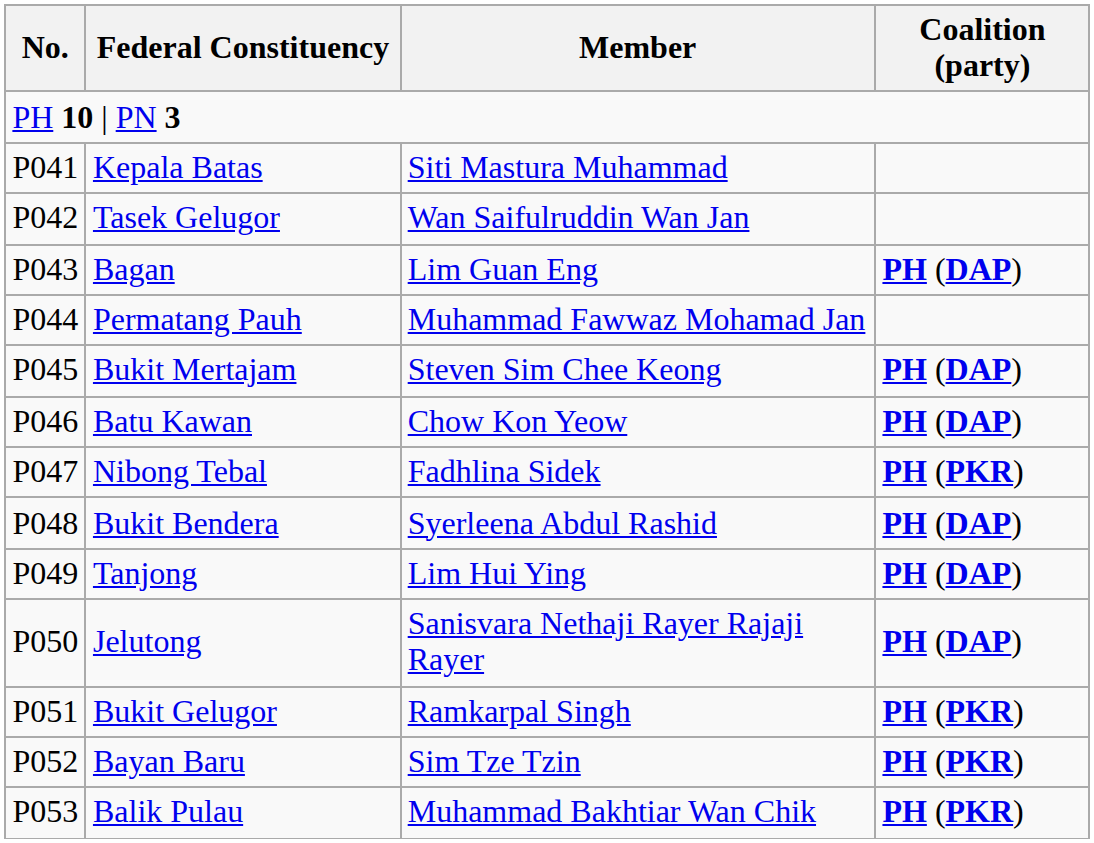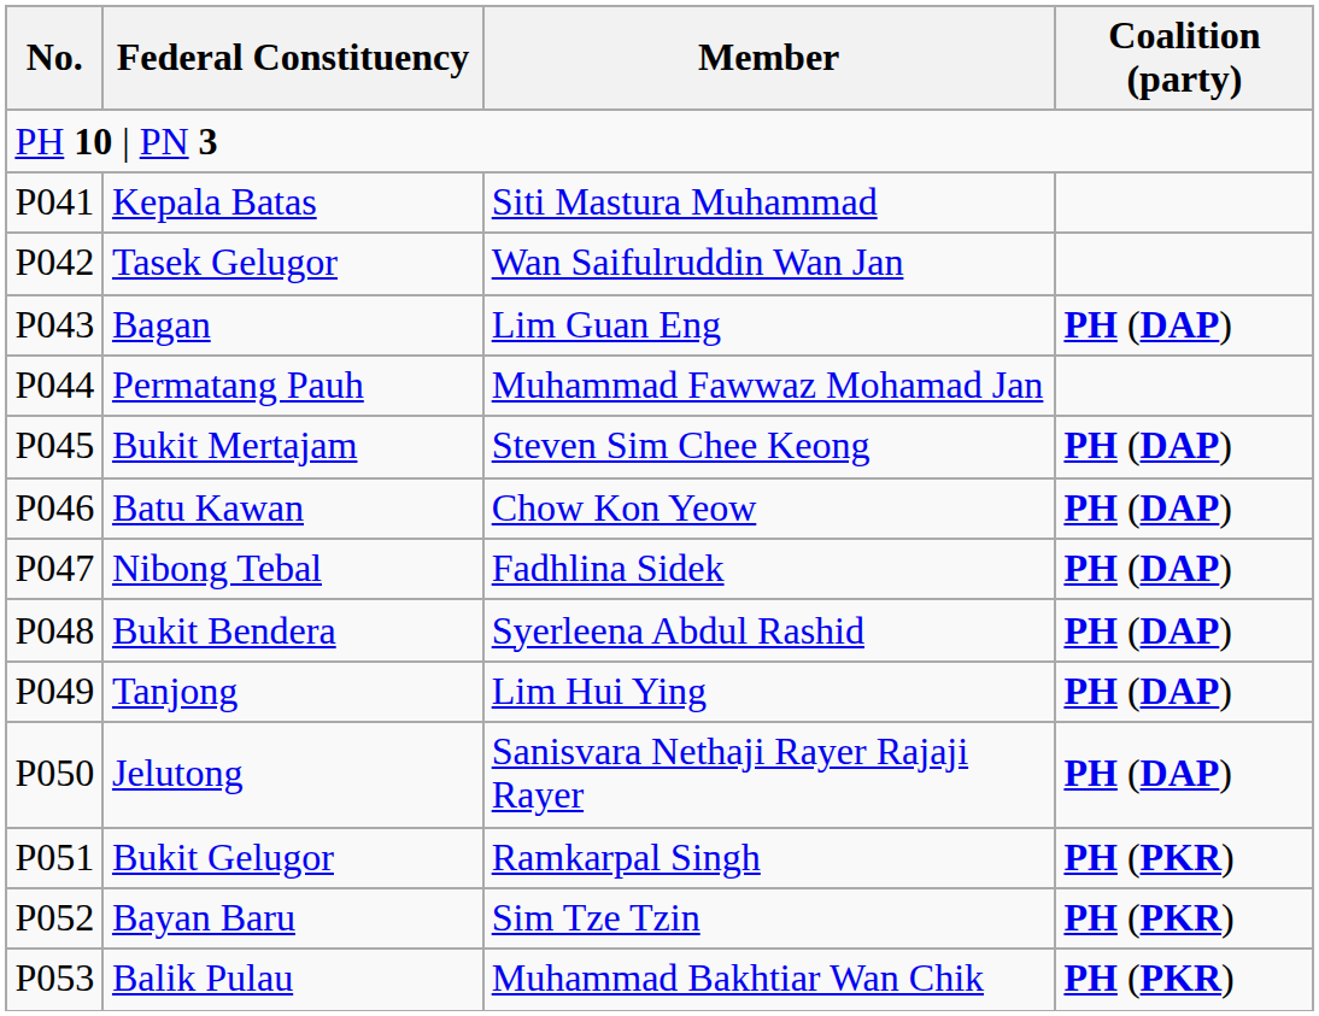 <table class="wikitable sortable">
 <tr>
 <th style="width:30px;">No.</th>
 <th style="width:150px;">Federal Constituency</th>
 <th style="width:230px;">Member</th>
 <th style="width:100px;">Coalition (party)</th>
 </tr>
 <tr>
 <td colspan="4"><a href='#'>PH</a> <strong>10</strong> | <a href='#'>PN</a> <strong>3</strong></td>
 </tr>
 <tr>
 <td>P041</td>
 <td><a href='#'>Kepala Batas</a></td>
 <td><a href='#'>Siti Mastura Muhammad</a></td>
 <td></td>
 </tr>
 <tr>
 <td>P042</td>
 <td><a href='#'>Tasek Gelugor</a></td>
 <td><a href='#'>Wan Saifulruddin Wan Jan</a></td>
 <td></td>
 </tr>
 <tr>
 <td>P043</td>
 <td><a href='#'>Bagan</a></td>
 <td><a href='#'>Lim Guan Eng</a></td>
 <td><strong><a href='#'>PH</a></strong> (<strong><a href='#'>DAP</a></strong>)</td>
 </tr>
 <tr>
 <td>P044</td>
 <td><a href='#'>Permatang Pauh</a></td>
 <td><a href='#'>Muhammad Fawwaz Mohamad Jan</a></td>
 <td></td>
 </tr>
 <tr>
 <td>P045</td>
 <td><a href='#'>Bukit Mertajam</a></td>
 <td><a href='#'>Steven Sim Chee Keong</a></td>
 <td><strong><a href='#'>PH</a></strong> (<strong><a href='#'>DAP</a></strong>)</td>
 </tr>
 <tr>
 <td>P046</td>
 <td><a href='#'>Batu Kawan</a></td>
 <td><a href='#'>Chow Kon Yeow</a></td>
 <td><strong><a href='#'>PH</a></strong> (<strong><a href='#'>DAP</a></strong>)</td>
 </tr>
 <tr>
 <td>P047</td>
 <td><a href='#'>Nibong Tebal</a></td>
 <td><a href='#'>Fadhlina Sidek</a></td>
-<td><strong><a href='#'>PH</a></strong> (<strong><a href='#'>PKR</a></strong>)</td>
+<td><strong><a href='#'>PH</a></strong> (<strong><a href='#'>DAP</a></strong>)</td>
 </tr>
 <tr>
 <td>P048</td>
 <td><a href='#'>Bukit Bendera</a></td>
 <td><a href='#'>Syerleena Abdul Rashid</a></td>
 <td><strong><a href='#'>PH</a></strong> (<strong><a href='#'>DAP</a></strong>)</td>
 </tr>
 <tr>
 <td>P049</td>
 <td><a href='#'>Tanjong</a></td>
 <td><a href='#'>Lim Hui Ying</a></td>
 <td><strong><a href='#'>PH</a></strong> (<strong><a href='#'>DAP</a></strong>)</td>
 </tr>
 <tr>
 <td>P050</td>
 <td><a href='#'>Jelutong</a></td>
 <td><a href='#'>Sanisvara Nethaji Rayer Rajaji Rayer</a></td>
 <td><strong><a href='#'>PH</a></strong> (<strong><a href='#'>DAP</a></strong>)</td>
 </tr>
 <tr>
 <td>P051</td>
 <td><a href='#'>Bukit Gelugor</a></td>
 <td><a href='#'>Ramkarpal Singh</a></td>
 <td><strong><a href='#'>PH</a></strong> (<strong><a href='#'>PKR</a></strong>)</td>
 </tr>
 <tr>
 <td>P052</td>
 <td><a href='#'>Bayan Baru</a></td>
 <td><a href='#'>Sim Tze Tzin</a></td>
 <td><strong><a href='#'>PH</a></strong> (<strong><a href='#'>PKR</a></strong>)</td>
 </tr>
 <tr>
 <td>P053</td>
 <td><a href='#'>Balik Pulau</a></td>
 <td><a href='#'>Muhammad Bakhtiar Wan Chik</a></td>
 <td><strong><a href='#'>PH</a></strong> (<strong><a href='#'>PKR</a></strong>)</td>
 </tr>
 <tr>
 </tr>
 </table>
